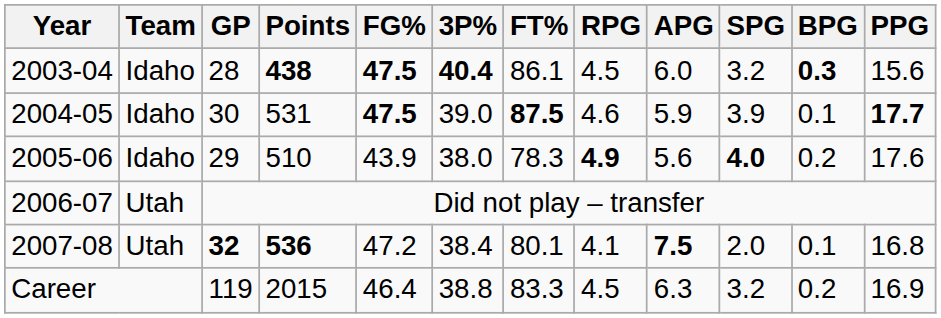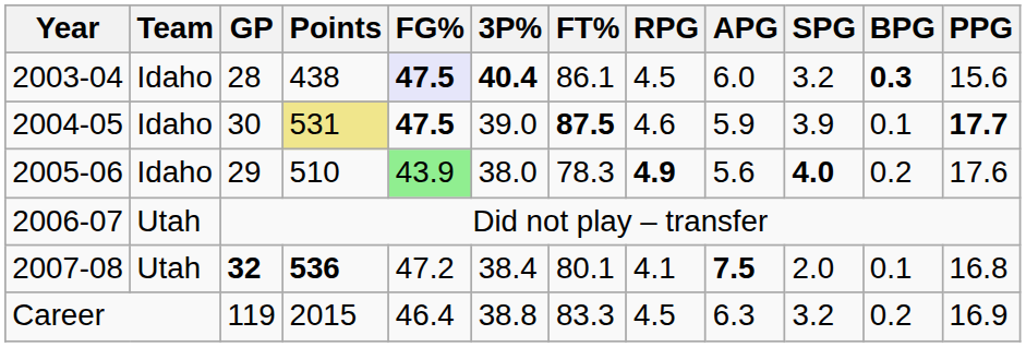 <table class="wikitable">
 <tr>
 <th>Year</th>
 <th>Team</th>
 <th>GP</th>
 <th>Points</th>
 <th>FG%</th>
 <th>3P%</th>
 <th>FT%</th>
 <th>RPG</th>
 <th>APG</th>
 <th>SPG</th>
 <th>BPG</th>
 <th>PPG</th>
 </tr>
 <tr>
 <td>2003-04</td>
 <td>Idaho</td>
 <td>28</td>
-<td><strong>438</strong></td>
-<td><strong>47.5</strong></td>
+<td>438</td>
+<td style="background: lavender;"><strong>47.5</strong></td>
 <td><strong>40.4</strong></td>
 <td>86.1</td>
 <td>4.5</td>
 <td>6.0</td>
 <td>3.2</td>
 <td><strong>0.3</strong></td>
 <td>15.6</td>
 </tr>
 <tr>
 <td>2004-05</td>
 <td>Idaho</td>
 <td>30</td>
-<td>531</td>
+<td style="background: khaki;">531</td>
 <td><strong>47.5</strong></td>
 <td>39.0</td>
 <td><strong>87.5</strong></td>
 <td>4.6</td>
 <td>5.9</td>
 <td>3.9</td>
 <td>0.1</td>
 <td><strong>17.7</strong></td>
 </tr>
 <tr>
 <td>2005-06</td>
 <td>Idaho</td>
 <td>29</td>
 <td>510</td>
-<td>43.9</td>
+<td style="background: lightgreen;">43.9</td>
 <td>38.0</td>
 <td>78.3</td>
 <td><strong>4.9</strong></td>
 <td>5.6</td>
 <td><strong>4.0</strong></td>
 <td>0.2</td>
 <td>17.6</td>
 </tr>
 <tr>
 <td>2006-07</td>
 <td>Utah</td>
 <td style="text-align:center;" colspan="11">Did not play – transfer</td>
 </tr>
 <tr>
 <td>2007-08</td>
 <td>Utah</td>
 <td><strong>32</strong></td>
 <td><strong>536</strong></td>
 <td>47.2</td>
 <td>38.4</td>
 <td>80.1</td>
 <td>4.1</td>
 <td><strong>7.5</strong></td>
 <td>2.0</td>
 <td>0.1</td>
 <td>16.8</td>
 </tr>
 <tr>
 <td colspan="2">Career</td>
 <td>119</td>
 <td>2015</td>
 <td>46.4</td>
 <td>38.8</td>
 <td>83.3</td>
 <td>4.5</td>
 <td>6.3</td>
 <td>3.2</td>
 <td>0.2</td>
 <td>16.9</td>
 </tr>
 </table>
